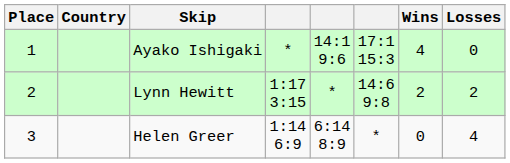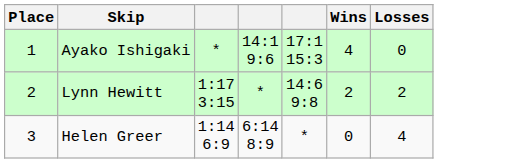 <table class="wikitable" style="text-align:center;">
 <tr>
 <th>Place</th>
-<th>Country</th>
 <th>Skip</th>
 <th width="25"></th>
 <th width="25"></th>
 <th width="25"></th>
 <th>Wins</th>
 <th>Losses</th>
 </tr>
 <tr bgcolor=#ccffcc>
 <td>1</td>
-<td align=left></td>
 <td align=left>Ayako Ishigaki</td>
 <td>*</td>
 <td>14:1<br> 9:6</td>
 <td>17:1<br>15:3</td>
 <td>4</td>
 <td>0</td>
 </tr>
 <tr bgcolor=#ccffcc>
 <td>2</td>
-<td align=left></td>
 <td align=left>Lynn Hewitt</td>
 <td>1:17<br>3:15</td>
 <td>*</td>
 <td>14:6<br> 9:8</td>
 <td>2</td>
 <td>2</td>
 </tr>
 <tr>
 <td>3</td>
-<td align=left></td>
 <td align=left>Helen Greer</td>
 <td>1:14<br> 6:9</td>
 <td>6:14<br> 8:9</td>
 <td>*</td>
 <td>0</td>
 <td>4</td>
 </tr>
 </table>
